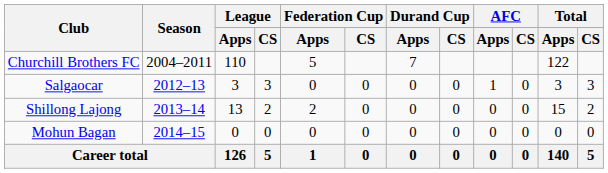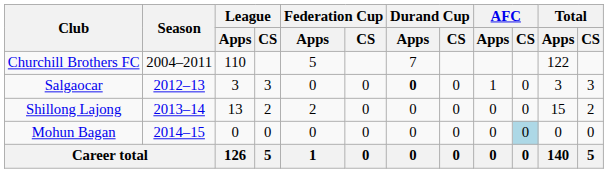 <table class="wikitable" style="text-align:center;">
 <tr>
 <th rowspan="2">Club</th>
 <th rowspan="2">Season</th>
 <th colspan="2">League</th>
 <th colspan="2">Federation Cup</th>
 <th colspan="2">Durand Cup</th>
 <th colspan="2"><a href='#'>AFC</a></th>
 <th colspan="2">Total</th>
 </tr>
 <tr>
 <th>Apps</th>
 <th>CS</th>
 <th>Apps</th>
 <th>CS</th>
 <th>Apps</th>
 <th>CS</th>
 <th>Apps</th>
 <th>CS</th>
 <th>Apps</th>
 <th>CS</th>
 </tr>
 <tr>
 <td><a href='#'>Churchill Brothers FC</a></td>
 <td>2004–2011</td>
 <td>110</td>
 <td></td>
 <td>5</td>
 <td></td>
 <td>7</td>
 <td></td>
 <td></td>
 <td></td>
 <td>122</td>
 <td></td>
 </tr>
 <tr>
 <td rowspan="1"><a href='#'>Salgaocar</a></td>
 <td><a href='#'>2012–13</a></td>
 <td>3</td>
 <td>3</td>
 <td>0</td>
 <td>0</td>
-<td>0</td>
+<td><strong>0</strong></td>
 <td>0</td>
 <td>1</td>
 <td>0</td>
 <td>3</td>
 <td>3</td>
 </tr>
 <tr>
 <td><a href='#'>Shillong Lajong</a></td>
 <td><a href='#'>2013–14</a></td>
 <td>13</td>
 <td>2</td>
 <td>2</td>
 <td>0</td>
 <td>0</td>
 <td>0</td>
 <td>0</td>
 <td>0</td>
 <td>15</td>
 <td>2</td>
 </tr>
 <tr>
 <td><a href='#'>Mohun Bagan</a></td>
 <td><a href='#'>2014–15</a></td>
 <td>0</td>
 <td>0</td>
 <td>0</td>
 <td>0</td>
 <td>0</td>
 <td>0</td>
 <td>0</td>
-<td>0</td>
+<td style="background: lightblue;">0</td>
 <td>0</td>
 <td>0</td>
 </tr>
 <tr>
 <th colspan="2">Career total</th>
 <th>126</th>
 <th>5</th>
 <th>1</th>
 <th>0</th>
 <th>0</th>
 <th>0</th>
 <th>0</th>
 <th>0</th>
 <th>140</th>
 <th>5</th>
 </tr>
 </table>
